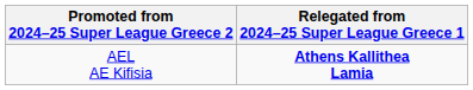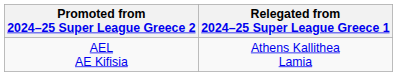 <table class="wikitable">
 <tr>
 <th>Promoted from<br><a href='#'>2024–25 Super League Greece 2</a></th>
 <th>Relegated from<br><a href='#'>2024–25 Super League Greece 1</a></th>
 </tr>
 <tr>
 <td align=center><a href='#'>AEL</a><br><a href='#'>AE Kifisia</a></td>
-<td align=center><strong><a href='#'>Athens Kallithea</a><br><a href='#'>Lamia</a></strong></td>
+<td align=center><a href='#'>Athens Kallithea</a><br><a href='#'>Lamia</a></td>
 </tr>
 </table>
